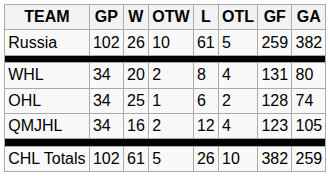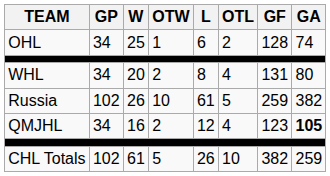 <table class="wikitable">
 <tr>
 <th>TEAM</th>
 <th>GP</th>
 <th>W</th>
 <th>OTW</th>
 <th>L</th>
 <th>OTL</th>
 <th>GF</th>
 <th>GA</th>
 </tr>
 <tr>
-<td>Russia</td>
-<td>102</td>
-<td>26</td>
-<td>10</td>
-<td>61</td>
-<td>5</td>
-<td>259</td>
-<td>382</td>
+<td>OHL</td>
+<td>34</td>
+<td>25</td>
+<td>1</td>
+<td>6</td>
+<td>2</td>
+<td>128</td>
+<td>74</td>
 </tr>
 <tr bgcolor="0000000">
 <td colspan="8"></td>
 </tr>
 <tr>
 <td>WHL</td>
 <td>34</td>
 <td>20</td>
 <td>2</td>
 <td>8</td>
 <td>4</td>
 <td>131</td>
 <td>80</td>
 </tr>
 <tr>
-<td>OHL</td>
-<td>34</td>
-<td>25</td>
-<td>1</td>
-<td>6</td>
-<td>2</td>
-<td>128</td>
-<td>74</td>
+<td>Russia</td>
+<td>102</td>
+<td>26</td>
+<td>10</td>
+<td>61</td>
+<td>5</td>
+<td>259</td>
+<td>382</td>
 </tr>
 <tr>
 <td>QMJHL</td>
 <td>34</td>
 <td>16</td>
 <td>2</td>
 <td>12</td>
 <td>4</td>
 <td>123</td>
-<td>105</td>
+<td><strong>105</strong></td>
 </tr>
 <tr bgcolor="000000">
 <td colspan="8"></td>
 </tr>
 <tr>
 <td>CHL Totals</td>
 <td>102</td>
 <td>61</td>
 <td>5</td>
 <td>26</td>
 <td>10</td>
 <td>382</td>
 <td>259</td>
 </tr>
 </table>
